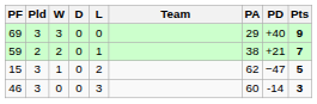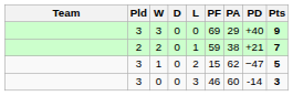 <table class="wikitable" style="text-align:center;">
 <tr>
-<th width=20 abbr="Points for">PF</th>
+<th width=175>Team</th>
 <th width=20 abbr="Played">Pld</th>
 <th width=20 abbr="Won">W</th>
 <th width=20 abbr="Drawn">D</th>
 <th width=20 abbr="Lost">L</th>
-<th width=175>Team</th>
+<th width=20 abbr="Points for">PF</th>
 <th width=20 abbr="Points against">PA</th>
 <th width=25 abbr="Points difference">PD</th>
 <th width=20 abbr="Points">Pts</th>
 </tr>
 <tr style="background:#ccffcc">
-<td>69</td>
+<td align=left></td>
 <td>3</td>
 <td>3</td>
 <td>0</td>
 <td>0</td>
-<td align=left></td>
+<td>69</td>
 <td>29</td>
 <td>+40</td>
 <td><strong>9</strong></td>
 </tr>
 <tr style="background:#ccffcc">
-<td>59</td>
+<td align=left></td>
 <td>2</td>
 <td>2</td>
 <td>0</td>
 <td>1</td>
-<td align=left></td>
+<td>59</td>
 <td>38</td>
 <td>+21</td>
 <td><strong>7</strong></td>
 </tr>
 <tr>
-<td>15</td>
+<td align=left></td>
 <td>3</td>
 <td>1</td>
 <td>0</td>
 <td>2</td>
-<td align=left></td>
+<td>15</td>
 <td>62</td>
 <td>−47</td>
 <td><strong>5</strong></td>
 </tr>
 <tr>
-<td>46</td>
+<td align=left></td>
 <td>3</td>
 <td>0</td>
 <td>0</td>
 <td>3</td>
-<td align=left></td>
+<td>46</td>
 <td>60</td>
 <td>-14</td>
 <td><strong>3</strong></td>
 </tr>
 </table>
